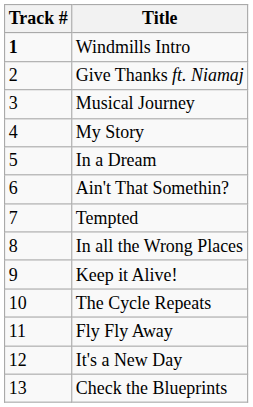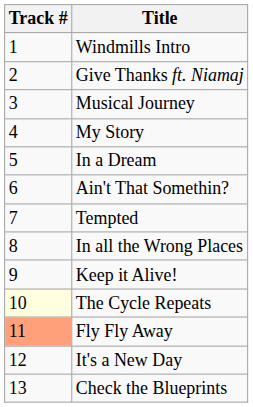 <table class="wikitable">
 <tr>
 <th>Track #</th>
 <th>Title</th>
 </tr>
 <tr>
-<td><strong>1</strong></td>
+<td>1</td>
 <td>Windmills Intro</td>
 </tr>
 <tr>
 <td>2</td>
 <td>Give Thanks <em>ft. Niamaj</em></td>
 </tr>
 <tr>
 <td>3</td>
 <td>Musical Journey</td>
 </tr>
 <tr>
 <td>4</td>
 <td>My Story</td>
 </tr>
 <tr>
 <td>5</td>
 <td>In a Dream</td>
 </tr>
 <tr>
 <td>6</td>
 <td>Ain't That Somethin?</td>
 </tr>
 <tr>
 <td>7</td>
 <td>Tempted</td>
 </tr>
 <tr>
 <td>8</td>
 <td>In all the Wrong Places</td>
 </tr>
 <tr>
 <td>9</td>
 <td>Keep it Alive!</td>
 </tr>
 <tr>
-<td>10</td>
+<td style="background: lightyellow;">10</td>
 <td>The Cycle Repeats</td>
 </tr>
 <tr>
-<td>11</td>
+<td style="background: lightsalmon;">11</td>
 <td>Fly Fly Away</td>
 </tr>
 <tr>
 <td>12</td>
 <td>It's a New Day</td>
 </tr>
 <tr>
 <td>13</td>
 <td>Check the Blueprints</td>
 </tr>
 </table>
